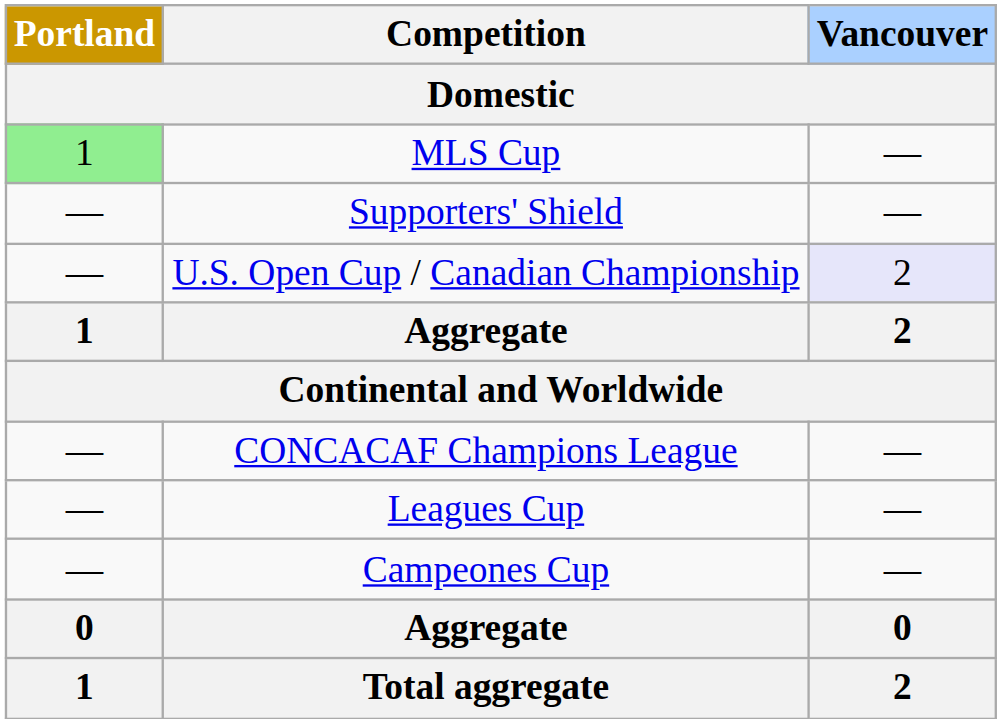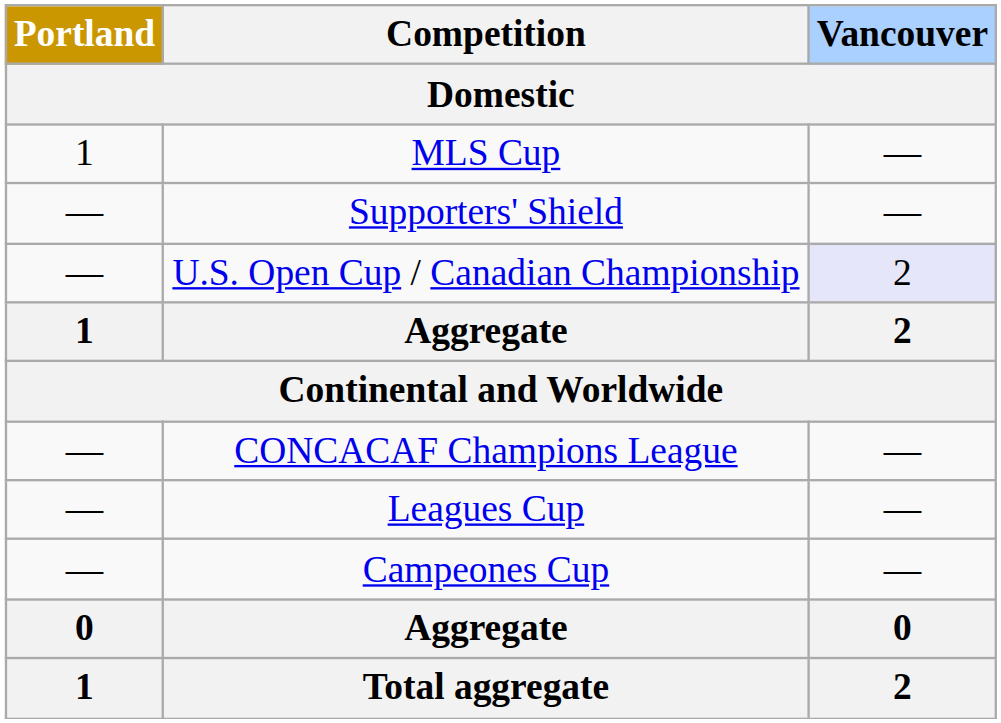 <table class="wikitable"  style="width:auto; margin:auto;">
 <tr>
 <th style="color:white; background-color:#CB9700;">Portland</th>
 <th>Competition</th>
 <th style="color:black; background-color:#AAD0FF;">Vancouver</th>
 </tr>
 <tr style="text-align:center;">
 <th colspan="4"><strong>Domestic</strong></th>
 </tr>
 <tr style="text-align:center;">
-<td style="background: lightgreen;">1</td>
+<td>1</td>
 <td><a href='#'>MLS Cup</a></td>
 <td>—</td>
 </tr>
 <tr style="text-align:center;">
 <td>—</td>
 <td><a href='#'>Supporters' Shield</a></td>
 <td>—</td>
 </tr>
 <tr style="text-align:center;">
 <td>—</td>
 <td><a href='#'>U.S. Open Cup</a> / <a href='#'>Canadian Championship</a></td>
 <td style="background: lavender;">2</td>
 </tr>
 <tr align="center">
 <th><strong>1</strong></th>
 <th><strong>Aggregate</strong></th>
 <th><strong>2</strong></th>
 </tr>
 <tr style="text-align:center;">
 <th colspan="4"><strong>Continental and Worldwide</strong></th>
 </tr>
 <tr style="text-align:center;">
 <td>—</td>
 <td><a href='#'>CONCACAF Champions League</a></td>
 <td>—</td>
 </tr>
 <tr style="text-align:center;">
 <td>—</td>
 <td><a href='#'>Leagues Cup</a></td>
 <td>—</td>
 </tr>
 <tr style="text-align:center;">
 <td>—</td>
 <td><a href='#'>Campeones Cup</a></td>
 <td>—</td>
 </tr>
 <tr align="center">
 <th><strong>0</strong></th>
 <th><strong>Aggregate</strong></th>
 <th><strong>0</strong></th>
 </tr>
 <tr align="center">
 <th><strong>1</strong></th>
 <th><strong>Total aggregate</strong></th>
 <th><strong>2</strong></th>
 </tr>
 </table>
